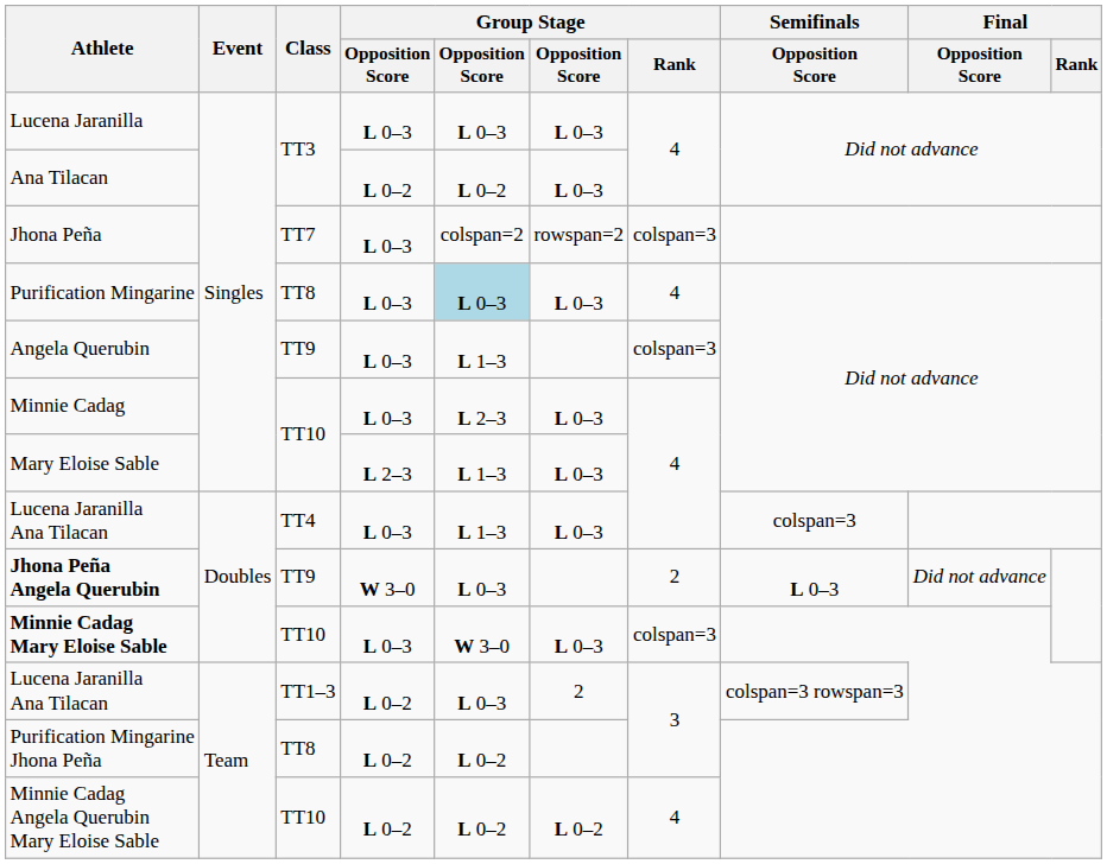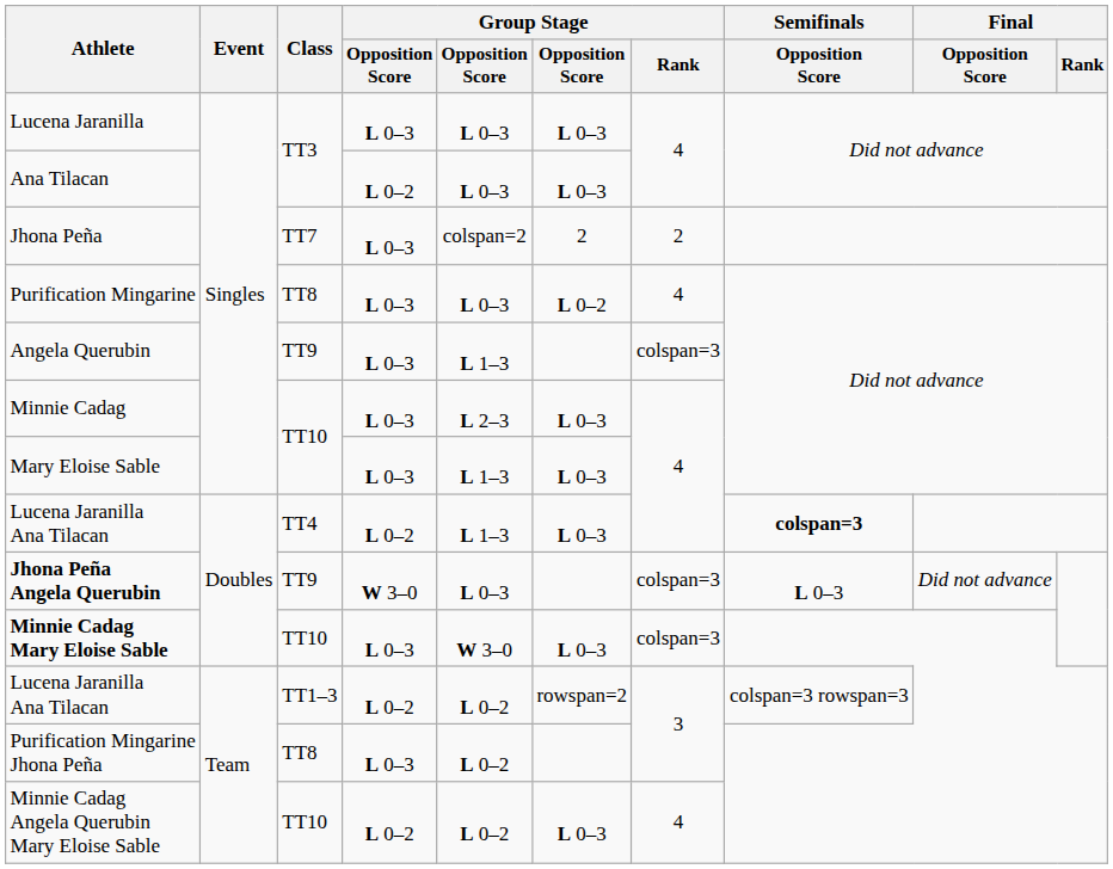 <table class="wikitable" style="font-size:90%; text-align:center">
 <tr>
 <th rowspan=2>Athlete</th>
 <th rowspan=2>Event</th>
 <th rowspan=2>Class</th>
 <th colspan=4>Group Stage</th>
 <th>Semifinals</th>
 <th colspan=2>Final</th>
 </tr>
 <tr style="font-size:90%">
 <th>Opposition<br>Score</th>
 <th>Opposition<br>Score</th>
 <th>Opposition<br>Score</th>
 <th>Rank</th>
 <th>Opposition<br>Score</th>
 <th>Opposition<br>Score</th>
 <th>Rank</th>
 </tr>
 <tr align=center>
 <td align=left>Lucena Jaranilla</td>
 <td rowspan=7 align=left>Singles</td>
 <td rowspan=2 align=left>TT3</td>
 <td><br><strong>L</strong> 0–3</td>
 <td><br><strong>L</strong> 0–3</td>
 <td><br><strong>L</strong> 0–3</td>
 <td rowspan=2>4</td>
 <td colspan=3 rowspan=2><em>Did not advance</em></td>
 </tr>
 <tr align=center>
 <td align=left>Ana Tilacan</td>
 <td><br><strong>L</strong> 0–2</td>
-<td><br><strong>L</strong> 0–2</td>
+<td><br><strong>L</strong> 0–3</td>
 <td><br><strong>L</strong> 0–3</td>
 </tr>
 <tr align=center>
 <td align=left>Jhona Peña</td>
 <td align=left>TT7</td>
 <td><br><strong>L</strong> 0–3</td>
 <td>colspan=2 </td>
-<td>rowspan=2 </td>
-<td>colspan=3 </td>
+<td>2</td>
+<td>2</td>
 </tr>
 <tr align=center>
 <td align=left>Purification Mingarine</td>
 <td align=left>TT8</td>
 <td><br><strong>L</strong> 0–3</td>
-<td style="background: lightblue;"><br><strong>L</strong> 0–3</td>
 <td><br><strong>L</strong> 0–3</td>
+<td><br><strong>L</strong> 0–2</td>
 <td>4</td>
 <td colspan=3 rowspan=4><em>Did not advance</em></td>
 </tr>
 <tr align=center>
 <td align=left>Angela Querubin</td>
 <td align=left>TT9</td>
 <td><br><strong>L</strong> 0–3</td>
 <td><br><strong>L</strong> 1–3</td>
 <td></td>
 <td>colspan=3 </td>
 </tr>
 <tr align=center>
 <td align=left>Minnie Cadag</td>
 <td rowspan=2 align=left>TT10</td>
 <td><br><strong>L</strong> 0–3</td>
 <td><br><strong>L</strong> 2–3</td>
 <td><br><strong>L</strong> 0–3</td>
 <td rowspan=3>4</td>
 </tr>
 <tr align=center>
 <td align=left>Mary Eloise Sable</td>
-<td><br><strong>L</strong> 2–3</td>
+<td><br><strong>L</strong> 0–3</td>
 <td><br><strong>L</strong> 1–3</td>
 <td><br><strong>L</strong> 0–3</td>
 </tr>
 <tr align=center>
 <td align=left>Lucena Jaranilla<br>Ana Tilacan</td>
 <td rowspan=3 align=left>Doubles</td>
 <td align=left>TT4</td>
-<td><br><strong>L</strong> 0–3</td>
+<td><br><strong>L</strong> 0–2</td>
 <td><br><strong>L</strong> 1–3</td>
 <td><br><strong>L</strong> 0–3</td>
-<td>colspan=3 </td>
+<td><strong>colspan=3 </strong></td>
 </tr>
 <tr align=center>
 <td align=left><strong>Jhona Peña<br>Angela Querubin</strong></td>
 <td align=left>TT9</td>
 <td><br><strong>W</strong> 3–0</td>
 <td><br><strong>L</strong> 0–3</td>
 <td></td>
-<td>2</td>
+<td>colspan=3 </td>
 <td><br><strong>L</strong> 0–3</td>
 <td><em>Did not advance</em></td>
 <td rowspan=2></td>
 </tr>
 <tr align=center>
 <td align=left><strong>Minnie Cadag<br>Mary Eloise Sable</strong></td>
 <td align=left>TT10</td>
 <td><br><strong>L</strong> 0–3</td>
 <td><br><strong>W</strong> 3–0</td>
 <td><br><strong>L</strong> 0–3</td>
 <td>colspan=3 </td>
 </tr>
 <tr align=center>
 <td align=left>Lucena Jaranilla<br>Ana Tilacan</td>
 <td rowspan=3 align=left>Team</td>
 <td align=left>TT1–3</td>
 <td><br><strong>L</strong> 0–2</td>
-<td><br><strong>L</strong> 0–3</td>
-<td>2</td>
+<td><br><strong>L</strong> 0–2</td>
+<td>rowspan=2 </td>
 <td rowspan=2>3</td>
 <td>colspan=3 rowspan=3 </td>
 </tr>
 <tr align=center>
 <td align=left>Purification Mingarine<br>Jhona Peña</td>
 <td align=left>TT8</td>
-<td><br><strong>L</strong> 0–2</td>
+<td><br><strong>L</strong> 0–3</td>
 <td><br><strong>L</strong> 0–2</td>
 </tr>
 <tr align=center>
 <td align=left>Minnie Cadag<br>Angela Querubin<br>Mary Eloise Sable</td>
 <td align=left>TT10</td>
 <td><br><strong>L</strong> 0–2</td>
 <td><br><strong>L</strong> 0–2</td>
-<td><br><strong>L</strong> 0–2</td>
+<td><br><strong>L</strong> 0–3</td>
 <td>4</td>
 </tr>
 </table>
